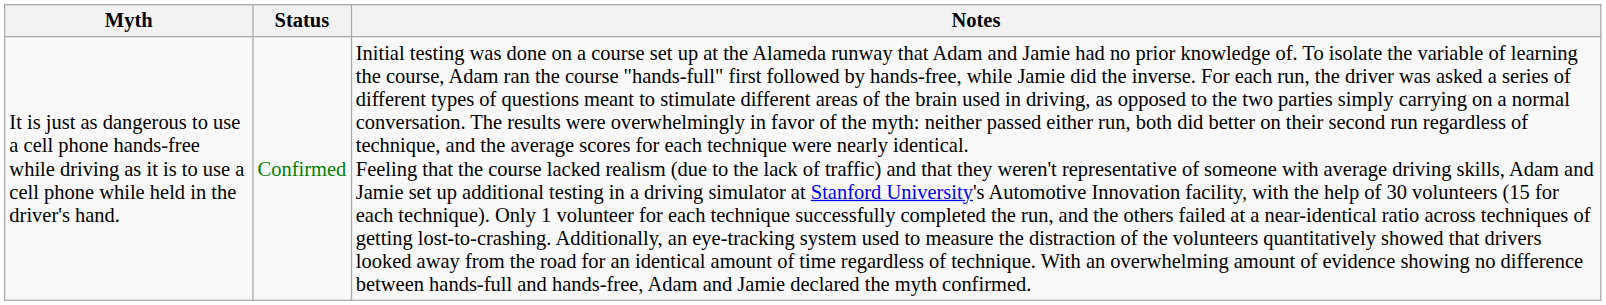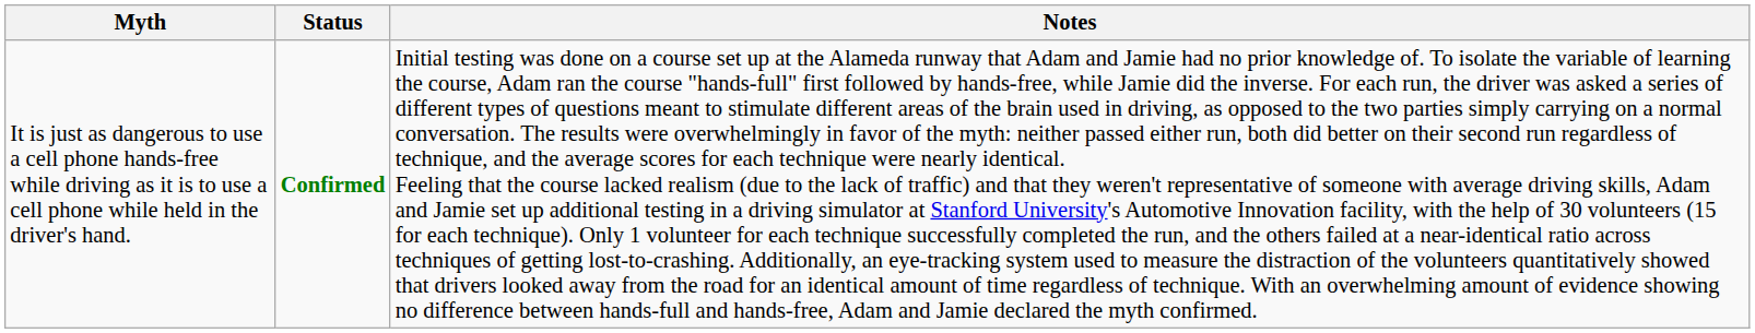 <table class="wikitable plainrowheaders">
 <tr>
 <th scope"col">Myth</th>
 <th scope"col">Status</th>
 <th scope"col">Notes</th>
 </tr>
 <tr>
 <td scope"row">It is just as dangerous to use a cell phone hands-free while driving as it is to use a cell phone while held in the driver's hand.</td>
-<td style="color:green">Confirmed</td>
+<td style="color:green"><strong>Confirmed</strong></td>
 <td>Initial testing was done on a course set up at the Alameda runway that Adam and Jamie had no prior knowledge of. To isolate the variable of learning the course, Adam ran the course "hands-full" first followed by hands-free, while Jamie did the inverse. For each run, the driver was asked a series of different types of questions meant to stimulate different areas of the brain used in driving, as opposed to the two parties simply carrying on a normal conversation. The results were overwhelmingly in favor of the myth: neither passed either run, both did better on their second run regardless of technique, and the average scores for each technique were nearly identical.<br>Feeling that the course lacked realism (due to the lack of traffic) and that they weren't representative of someone with average driving skills, Adam and Jamie set up additional testing in a driving simulator at <a href='#'>Stanford University</a>'s Automotive Innovation facility, with the help of 30 volunteers (15 for each technique). Only 1 volunteer for each technique successfully completed the run, and the others failed at a near-identical ratio across techniques of getting lost-to-crashing. Additionally, an eye-tracking system used to measure the distraction of the volunteers quantitatively showed that drivers looked away from the road for an identical amount of time regardless of technique. With an overwhelming amount of evidence showing no difference between hands-full and hands-free, Adam and Jamie declared the myth confirmed.</td>
 </tr>
 </table>
